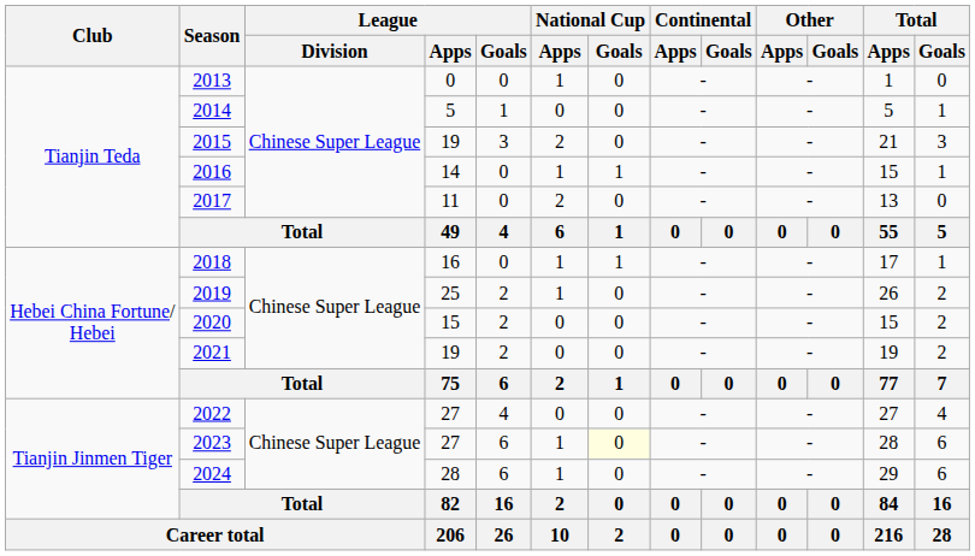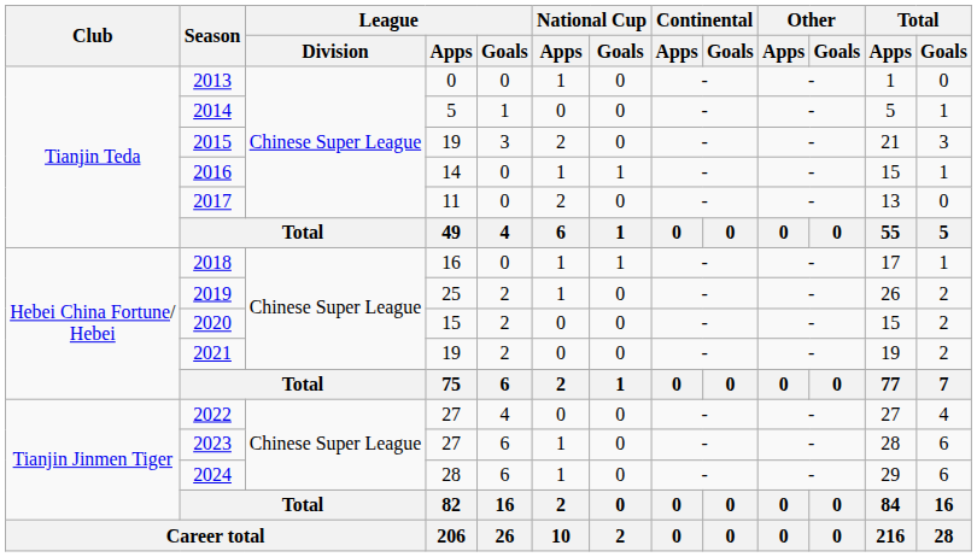 <table class="wikitable" style="text-align: center">
 <tr>
 <th rowspan="2">Club</th>
 <th rowspan="2">Season</th>
 <th colspan="3">League</th>
 <th colspan="2">National Cup</th>
 <th colspan="2">Continental</th>
 <th colspan="2">Other</th>
 <th colspan="2">Total</th>
 </tr>
 <tr>
 <th>Division</th>
 <th>Apps</th>
 <th>Goals</th>
 <th>Apps</th>
 <th>Goals</th>
 <th>Apps</th>
 <th>Goals</th>
 <th>Apps</th>
 <th>Goals</th>
 <th>Apps</th>
 <th>Goals</th>
 </tr>
 <tr>
 <td rowspan="6"><a href='#'>Tianjin Teda</a></td>
 <td><a href='#'>2013</a></td>
 <td rowspan="5"><a href='#'>Chinese Super League</a></td>
 <td>0</td>
 <td>0</td>
 <td>1</td>
 <td>0</td>
 <td colspan="2">-</td>
 <td colspan="2">-</td>
 <td>1</td>
 <td>0</td>
 </tr>
 <tr>
 <td><a href='#'>2014</a></td>
 <td>5</td>
 <td>1</td>
 <td>0</td>
 <td>0</td>
 <td colspan="2">-</td>
 <td colspan="2">-</td>
 <td>5</td>
 <td>1</td>
 </tr>
 <tr>
 <td><a href='#'>2015</a></td>
 <td>19</td>
 <td>3</td>
 <td>2</td>
 <td>0</td>
 <td colspan="2">-</td>
 <td colspan="2">-</td>
 <td>21</td>
 <td>3</td>
 </tr>
 <tr>
 <td><a href='#'>2016</a></td>
 <td>14</td>
 <td>0</td>
 <td>1</td>
 <td>1</td>
 <td colspan="2">-</td>
 <td colspan="2">-</td>
 <td>15</td>
 <td>1</td>
 </tr>
 <tr>
 <td><a href='#'>2017</a></td>
 <td>11</td>
 <td>0</td>
 <td>2</td>
 <td>0</td>
 <td colspan="2">-</td>
 <td colspan="2">-</td>
 <td>13</td>
 <td>0</td>
 </tr>
 <tr>
 <th colspan="2"><strong>Total</strong></th>
 <th>49</th>
 <th>4</th>
 <th>6</th>
 <th>1</th>
 <th>0</th>
 <th>0</th>
 <th>0</th>
 <th>0</th>
 <th>55</th>
 <th>5</th>
 </tr>
 <tr>
 <td rowspan="5"><a href='#'>Hebei China Fortune</a>/<br><a href='#'>Hebei</a></td>
 <td><a href='#'>2018</a></td>
 <td rowspan="4">Chinese Super League</td>
 <td>16</td>
 <td>0</td>
 <td>1</td>
 <td>1</td>
 <td colspan="2">-</td>
 <td colspan="2">-</td>
 <td>17</td>
 <td>1</td>
 </tr>
 <tr>
 <td><a href='#'>2019</a></td>
 <td>25</td>
 <td>2</td>
 <td>1</td>
 <td>0</td>
 <td colspan="2">-</td>
 <td colspan="2">-</td>
 <td>26</td>
 <td>2</td>
 </tr>
 <tr>
 <td><a href='#'>2020</a></td>
 <td>15</td>
 <td>2</td>
 <td>0</td>
 <td>0</td>
 <td colspan="2">-</td>
 <td colspan="2">-</td>
 <td>15</td>
 <td>2</td>
 </tr>
 <tr>
 <td><a href='#'>2021</a></td>
 <td>19</td>
 <td>2</td>
 <td>0</td>
 <td>0</td>
 <td colspan="2">-</td>
 <td colspan="2">-</td>
 <td>19</td>
 <td>2</td>
 </tr>
 <tr>
 <th colspan="2"><strong>Total</strong></th>
 <th>75</th>
 <th>6</th>
 <th>2</th>
 <th>1</th>
 <th>0</th>
 <th>0</th>
 <th>0</th>
 <th>0</th>
 <th>77</th>
 <th>7</th>
 </tr>
 <tr>
 <td rowspan="4"><a href='#'>Tianjin Jinmen Tiger</a></td>
 <td><a href='#'>2022</a></td>
 <td rowspan="3">Chinese Super League</td>
 <td>27</td>
 <td>4</td>
 <td>0</td>
 <td>0</td>
 <td colspan="2">-</td>
 <td colspan="2">-</td>
 <td>27</td>
 <td>4</td>
 </tr>
 <tr>
 <td><a href='#'>2023</a></td>
 <td>27</td>
 <td>6</td>
 <td>1</td>
-<td style="background: lightyellow;">0</td>
+<td>0</td>
 <td colspan="2">-</td>
 <td colspan="2">-</td>
 <td>28</td>
 <td>6</td>
 </tr>
 <tr>
 <td><a href='#'>2024</a></td>
 <td>28</td>
 <td>6</td>
 <td>1</td>
 <td>0</td>
 <td colspan="2">-</td>
 <td colspan="2">-</td>
 <td>29</td>
 <td>6</td>
 </tr>
 <tr>
 <th colspan="2"><strong>Total</strong></th>
 <th>82</th>
 <th>16</th>
 <th>2</th>
 <th>0</th>
 <th>0</th>
 <th>0</th>
 <th>0</th>
 <th>0</th>
 <th>84</th>
 <th>16</th>
 </tr>
 <tr>
 <th colspan=3>Career total</th>
 <th>206</th>
 <th>26</th>
 <th>10</th>
 <th>2</th>
 <th>0</th>
 <th>0</th>
 <th>0</th>
 <th>0</th>
 <th>216</th>
 <th>28</th>
 </tr>
 </table>
